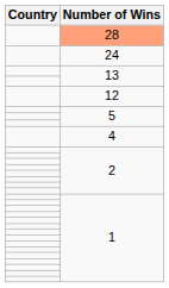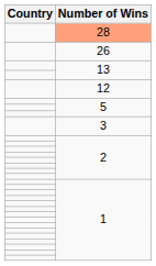 <table class="wikitable">
 <tr>
 <th>Country</th>
 <th>Number of Wins</th>
 </tr>
 <tr>
 <td></td>
 <td align = center style="background: lightsalmon;">28</td>
 </tr>
 <tr>
 <td></td>
-<td align = center>24</td>
+<td align = center>26</td>
 </tr>
 <tr>
 <td></td>
 <td align = center rowspan="2">13</td>
 </tr>
 <tr>
 <td></td>
 </tr>
 <tr>
 <td></td>
 <td align = center>12</td>
 </tr>
 <tr>
 <td></td>
 <td align = center rowspan="3">5</td>
 </tr>
 <tr>
 <td></td>
 </tr>
 <tr>
 <td></td>
 </tr>
 <tr>
 <td></td>
-<td align = center>4</td>
+<td align = center>3</td>
 </tr>
 <tr>
 <td></td>
 <td rowspan="8" align="center">2</td>
 </tr>
 <tr>
 <td></td>
 </tr>
 <tr>
 <td></td>
 </tr>
 <tr>
 <td></td>
 </tr>
 <tr>
 <td></td>
 </tr>
 <tr>
 <td></td>
 </tr>
 <tr>
 <td></td>
 </tr>
 <tr>
 <td></td>
 </tr>
 <tr>
 <td></td>
 <td rowspan="15" align="center">1</td>
 </tr>
 <tr>
 <td></td>
 </tr>
 <tr>
 <td></td>
 </tr>
 <tr>
 <td></td>
 </tr>
 <tr>
 <td></td>
 </tr>
 <tr>
 <td></td>
 </tr>
 <tr>
 <td></td>
 </tr>
 <tr>
 <td></td>
 </tr>
 <tr>
 <td></td>
 </tr>
 <tr>
 <td></td>
 </tr>
 <tr>
 <td></td>
 </tr>
 <tr>
 <td></td>
 </tr>
 <tr>
 <td></td>
 </tr>
 <tr>
 <td></td>
 </tr>
 <tr>
 <td></td>
 </tr>
 </table>
